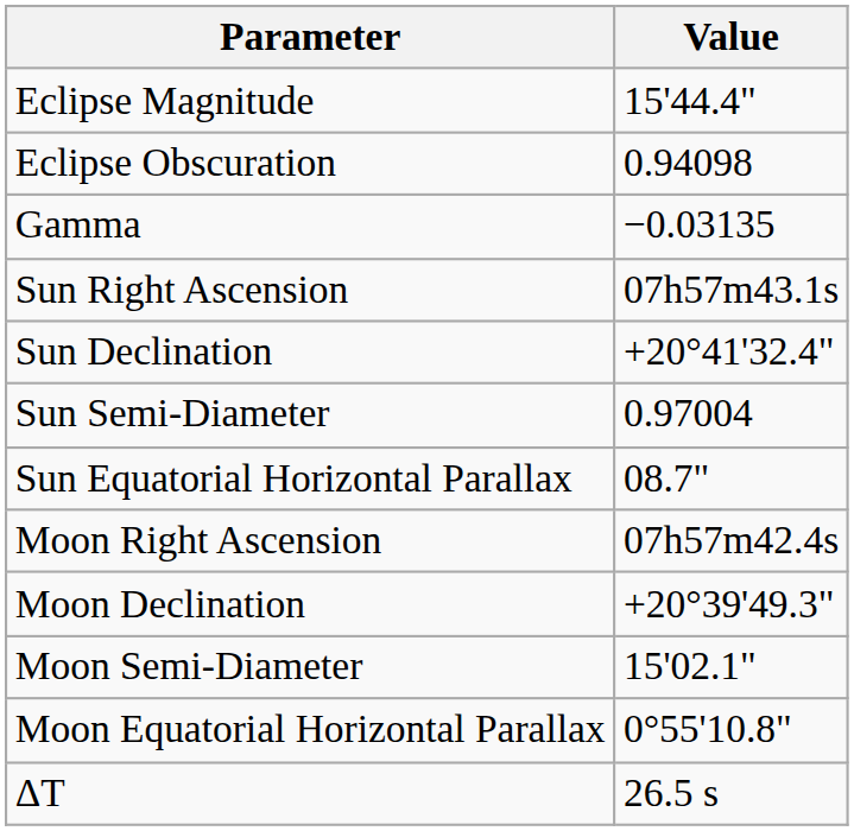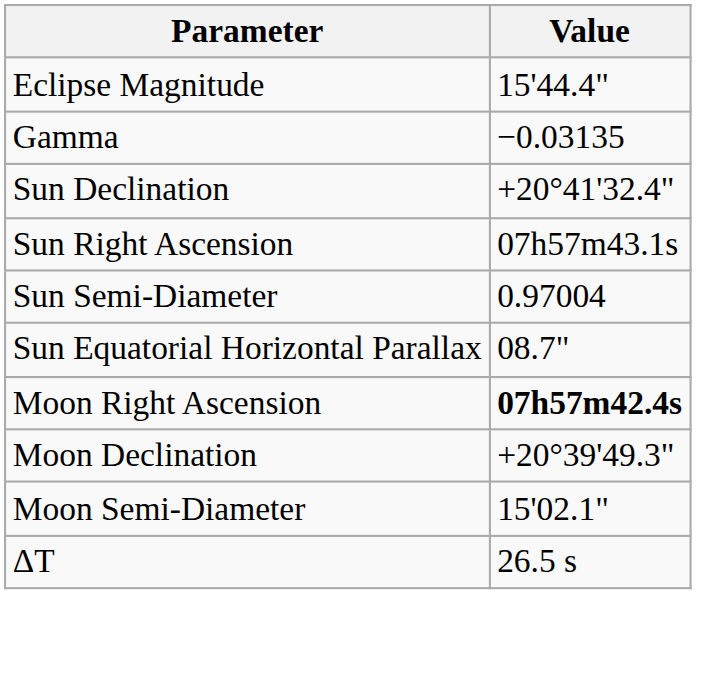 <table class="wikitable">
 <tr>
 <th>Parameter</th>
 <th>Value</th>
 </tr>
 <tr>
 <td>Eclipse Magnitude</td>
 <td>15'44.4"</td>
 </tr>
 <tr>
-<td>Eclipse Obscuration</td>
-<td>0.94098</td>
-</tr>
-<tr>
 <td>Gamma</td>
 <td>−0.03135</td>
 </tr>
 <tr>
+<td>Sun Declination</td>
+<td>+20°41'32.4"</td>
+</tr>
+<tr>
 <td>Sun Right Ascension</td>
 <td>07h57m43.1s</td>
-</tr>
-<tr>
-<td>Sun Declination</td>
-<td>+20°41'32.4"</td>
 </tr>
 <tr>
 <td>Sun Semi-Diameter</td>
 <td>0.97004</td>
 </tr>
 <tr>
 <td>Sun Equatorial Horizontal Parallax</td>
 <td>08.7"</td>
 </tr>
 <tr>
 <td>Moon Right Ascension</td>
-<td>07h57m42.4s</td>
+<td><strong>07h57m42.4s</strong></td>
 </tr>
 <tr>
 <td>Moon Declination</td>
 <td>+20°39'49.3"</td>
 </tr>
 <tr>
 <td>Moon Semi-Diameter</td>
 <td>15'02.1"</td>
 </tr>
 <tr>
-<td>Moon Equatorial Horizontal Parallax</td>
-<td>0°55'10.8"</td>
-</tr>
-<tr>
 <td>ΔT</td>
 <td>26.5 s</td>
 </tr>
 </table>
